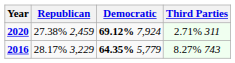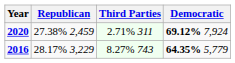 <table class="wikitable" style="float:right; font-size:95%;">
 <tr>
 <th>Year</th>
 <th><a href='#'>Republican</a></th>
+<th><a href='#'>Third Parties</a></th>
 <th><a href='#'>Democratic</a></th>
-<th><a href='#'>Third Parties</a></th>
 </tr>
 <tr>
 <td style="text-align:center; "><strong><a href='#'>2020</a></strong></td>
 <td style="text-align:center; ">27.38% <em>2,459</em></td>
+<td style="text-align:center; background:honeyDew;">2.71% <em>311</em></td>
 <td style="text-align:center; "><strong>69.12%</strong> <em>7,924</em></td>
-<td style="text-align:center; background:honeyDew;">2.71% <em>311</em></td>
 </tr>
 <tr>
 <td style="text-align:center; "><strong><a href='#'>2016</a></strong></td>
 <td style="text-align:center; ">28.17% <em>3,229</em></td>
+<td style="text-align:center; background:honeyDew;">8.27% <em>743</em></td>
 <td style="text-align:center; "><strong>64.35%</strong> <em>5,779</em></td>
-<td style="text-align:center; background:honeyDew;">8.27% <em>743</em></td>
 </tr>
 </table>
